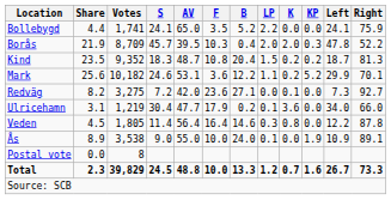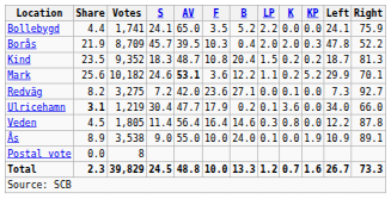 <table class="wikitable sortable" style=text-align:right>
 <tr>
 <th>Location</th>
 <th>Share</th>
 <th>Votes</th>
 <th><a href='#'>S</a></th>
 <th><a href='#'>AV</a></th>
 <th><a href='#'>F</a></th>
 <th><a href='#'>B</a></th>
 <th><a href='#'>LP</a></th>
 <th><a href='#'>K</a></th>
 <th><a href='#'>KP</a></th>
 <th>Left</th>
 <th>Right</th>
 </tr>
 <tr>
 <td align=left><a href='#'>Bollebygd</a></td>
 <td>4.4</td>
 <td>1,741</td>
 <td>24.1</td>
 <td>65.0</td>
 <td>3.5</td>
 <td>5.2</td>
 <td>2.2</td>
 <td>0.0</td>
 <td>0.0</td>
 <td>24.1</td>
 <td>75.9</td>
 </tr>
 <tr>
 <td align=left><a href='#'>Borås</a></td>
 <td>21.9</td>
 <td>8,709</td>
 <td>45.7</td>
 <td>39.5</td>
 <td>10.3</td>
 <td>0.4</td>
 <td>2.0</td>
 <td>2.0</td>
 <td>0.3</td>
 <td>47.8</td>
 <td>52.2</td>
 </tr>
 <tr>
 <td align=left><a href='#'>Kind</a></td>
 <td>23.5</td>
 <td>9,352</td>
 <td>18.3</td>
 <td>48.7</td>
 <td>10.8</td>
 <td>20.4</td>
 <td>1.5</td>
 <td>0.2</td>
 <td>0.2</td>
 <td>18.7</td>
 <td>81.3</td>
 </tr>
 <tr>
 <td align=left><a href='#'>Mark</a></td>
 <td>25.6</td>
 <td>10,182</td>
 <td>24.6</td>
-<td>53.1</td>
+<td><strong>53.1</strong></td>
 <td>3.6</td>
 <td>12.2</td>
 <td>1.1</td>
 <td>0.2</td>
 <td>5.2</td>
 <td>29.9</td>
 <td>70.1</td>
 </tr>
 <tr>
 <td align=left><a href='#'>Redväg</a></td>
 <td>8.2</td>
 <td>3,275</td>
 <td>7.2</td>
 <td>42.0</td>
 <td>23.6</td>
 <td>27.1</td>
 <td>0.0</td>
 <td>0.1</td>
 <td>0.0</td>
 <td>7.3</td>
 <td>92.7</td>
 </tr>
 <tr>
 <td align=left><a href='#'>Ulricehamn</a></td>
-<td>3.1</td>
+<td><strong>3.1</strong></td>
 <td>1,219</td>
 <td>30.4</td>
 <td>47.7</td>
 <td>17.9</td>
 <td>0.2</td>
 <td>0.1</td>
 <td>3.6</td>
 <td>0.0</td>
 <td>34.0</td>
 <td>66.0</td>
 </tr>
 <tr>
 <td align=left><a href='#'>Veden</a></td>
 <td>4.5</td>
 <td>1,805</td>
 <td>11.4</td>
 <td>56.4</td>
 <td>16.4</td>
 <td>14.6</td>
 <td>0.3</td>
 <td>0.8</td>
 <td>0.0</td>
 <td>12.2</td>
 <td>87.8</td>
 </tr>
 <tr>
 <td align=left><a href='#'>Ås</a></td>
 <td>8.9</td>
 <td>3,538</td>
 <td>9.0</td>
 <td>55.0</td>
 <td>10.0</td>
 <td>24.0</td>
 <td>0.1</td>
 <td>0.0</td>
 <td>1.9</td>
 <td>10.9</td>
 <td>89.1</td>
 </tr>
 <tr>
 <td align=left><a href='#'>Postal vote</a></td>
 <td>0.0</td>
 <td>8</td>
 <td></td>
 <td></td>
 <td></td>
 <td></td>
 <td></td>
 <td></td>
 <td></td>
 <td></td>
 <td></td>
 </tr>
 <tr>
 <td align=left><strong>Total</strong></td>
 <td><strong>2.3</strong></td>
 <td><strong>39,829</strong></td>
 <td><strong>24.5</strong></td>
 <td><strong>48.8</strong></td>
 <td><strong>10.0</strong></td>
 <td><strong>13.3</strong></td>
 <td><strong>1.2</strong></td>
 <td><strong>0.7</strong></td>
 <td><strong>1.6</strong></td>
 <td><strong>26.7</strong></td>
 <td><strong>73.3</strong></td>
 </tr>
 <tr>
 <td align=left colspan=12>Source: SCB </td>
 </tr>
 </table>
